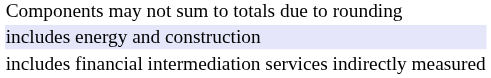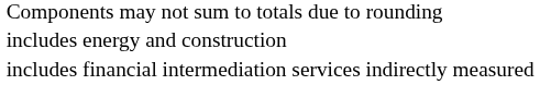 <table style="margin: 1em auto;">
 <tr>
 <td> Components may not sum to totals due to rounding</td>
 </tr>
 <tr>
-<td style="background: lavender;"> includes energy and construction</td>
+<td> includes energy and construction</td>
 </tr>
 <tr>
 <td> includes financial intermediation services indirectly measured</td>
 </tr>
 </table>
